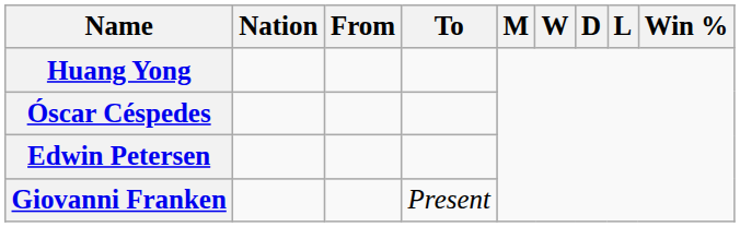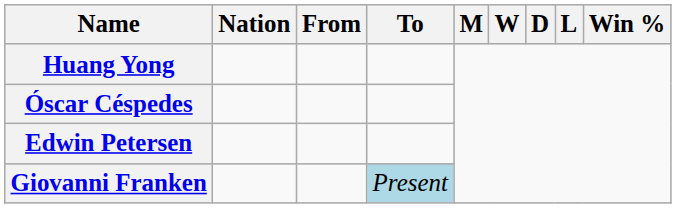 <table class="wikitable sortable plainrowheaders" style="text-align: center">
 <tr>
 <th scope=col>Name</th>
 <th scope=col>Nation</th>
 <th scope=col>From</th>
 <th scope=col class="unsortable">To</th>
 <th scope=col>M</th>
 <th scope=col>W</th>
 <th scope=col>D</th>
 <th scope=col>L</th>
 <th scope=col>Win %</th>
 </tr>
 <tr>
 <th align=left scope=row><a href='#'>Huang Yong</a></th>
 <td align=left></td>
 <td align=left></td>
 <td align=left><br></td>
 </tr>
 <tr>
 <th align=left scope=row><a href='#'>Óscar Céspedes</a></th>
 <td align=left></td>
 <td align=left></td>
 <td align=left><br></td>
 </tr>
 <tr>
 <th align=left scope=row><a href='#'>Edwin Petersen</a></th>
 <td align=left></td>
 <td align=left></td>
 <td align=left><br></td>
 </tr>
 <tr>
 <th align=left scope=row><a href='#'>Giovanni Franken</a></th>
 <td align=left></td>
 <td align=left></td>
-<td align=left><em>Present</em><br></td>
+<td align=left style="background: lightblue;"><em>Present</em><br></td>
 </tr>
 </table>
